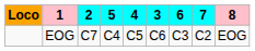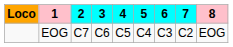 <table class="wikitable plainrowheaders unsortable" style="text-align:center">
 <tr>
 <th scope="col" rowspan="1" style="background:orange;">Loco</th>
 <th scope="col" rowspan="1" style="background:pink;">1</th>
 <th scope="col" rowspan="1" style="background:cyan;">2</th>
+<th scope="col" rowspan="1" style="background:cyan;">3</th>
+<th scope="col" rowspan="1" style="background:cyan;">4</th>
 <th scope="col" rowspan="1" style="background:cyan;">5</th>
-<th scope="col" rowspan="1" style="background:cyan;">4</th>
-<th scope="col" rowspan="1" style="background:cyan;">3</th>
 <th scope="col" rowspan="1" style="background:cyan;">6</th>
 <th scope="col" rowspan="1" style="background:cyan;">7</th>
 <th scope="col" rowspan="1" style="background:pink;">8</th>
 </tr>
 <tr>
 <td></td>
 <td>EOG</td>
 <td>C7</td>
+<td>C6</td>
+<td>C5</td>
 <td>C4</td>
-<td>C5</td>
-<td>C6</td>
 <td>C3</td>
 <td>C2</td>
 <td>EOG</td>
 </tr>
 </table>
